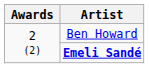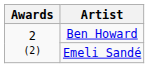 <table class="wikitable" rowspan="2" style="text-align:center;">
 <tr>
 <th scope="col" style="width:55px;">Awards</th>
 <th scope="col" style="text-align:center;">Artist</th>
 </tr>
 <tr>
 <td rowspan="2">2<br><small>(2)</small></td>
 <td><a href='#'>Ben Howard</a></td>
 </tr>
 <tr>
-<td><strong><a href='#'>Emeli Sandé</a></strong></td>
+<td><a href='#'>Emeli Sandé</a></td>
 </tr>
 </table>
